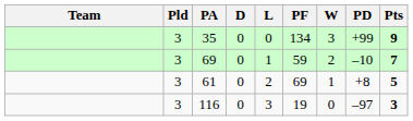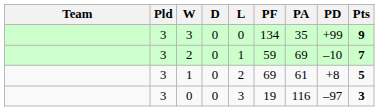 <table class="wikitable" style="text-align:center;">
 <tr>
 <th width=175>Team</th>
 <th width=25 abbr="Played">Pld</th>
-<th width=32 abbr="Points against">PA</th>
+<th width=25 abbr="Won">W</th>
 <th width=25 abbr="Drawn">D</th>
 <th width=25 abbr="Lost">L</th>
 <th width=32 abbr="Points for">PF</th>
-<th width=25 abbr="Won">W</th>
+<th width=32 abbr="Points against">PA</th>
 <th width=32 abbr="Points difference">PD</th>
 <th width=25 abbr="Points">Pts</th>
 </tr>
 <tr bgcolor=ccffcc>
 <td align=left></td>
 <td>3</td>
-<td>35</td>
+<td>3</td>
 <td>0</td>
 <td>0</td>
 <td>134</td>
-<td>3</td>
+<td>35</td>
 <td>+99</td>
 <td><strong>9</strong></td>
 </tr>
 <tr bgcolor=ccffcc>
 <td align=left></td>
 <td>3</td>
-<td>69</td>
+<td>2</td>
 <td>0</td>
 <td>1</td>
 <td>59</td>
-<td>2</td>
+<td>69</td>
 <td>–10</td>
 <td><strong>7</strong></td>
 </tr>
 <tr>
 <td align=left></td>
 <td>3</td>
-<td>61</td>
+<td>1</td>
 <td>0</td>
 <td>2</td>
 <td>69</td>
-<td>1</td>
+<td>61</td>
 <td>+8</td>
 <td><strong>5</strong></td>
 </tr>
 <tr>
 <td align=left></td>
 <td>3</td>
-<td>116</td>
+<td>0</td>
 <td>0</td>
 <td>3</td>
 <td>19</td>
-<td>0</td>
+<td>116</td>
 <td>–97</td>
 <td><strong>3</strong></td>
 </tr>
 </table>
